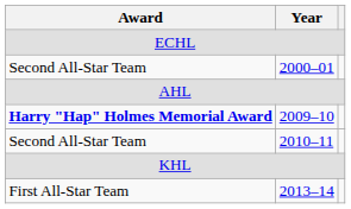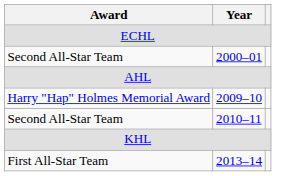 <table class="wikitable">
 <tr>
 <th>Award</th>
 <th>Year</th>
 <th></th>
 </tr>
 <tr ALIGN="center" bgcolor="#e0e0e0">
 <td colspan="3"><a href='#'>ECHL</a></td>
 </tr>
 <tr>
 <td>Second All-Star Team</td>
 <td><a href='#'>2000–01</a></td>
 <td></td>
 </tr>
 <tr ALIGN="center" bgcolor="#e0e0e0">
 <td colspan="3"><a href='#'>AHL</a></td>
 </tr>
 <tr>
-<td><strong><a href='#'>Harry "Hap" Holmes Memorial Award</a></strong></td>
+<td><a href='#'>Harry "Hap" Holmes Memorial Award</a></td>
 <td><a href='#'>2009–10</a></td>
 <td></td>
 </tr>
 <tr>
 <td>Second All-Star Team</td>
 <td><a href='#'>2010–11</a></td>
 <td></td>
 </tr>
 <tr ALIGN="center" bgcolor="#e0e0e0">
 <td colspan="3"><a href='#'>KHL</a></td>
 </tr>
 <tr>
 <td>First All-Star Team</td>
 <td><a href='#'>2013–14</a></td>
 <td></td>
 </tr>
 </table>
